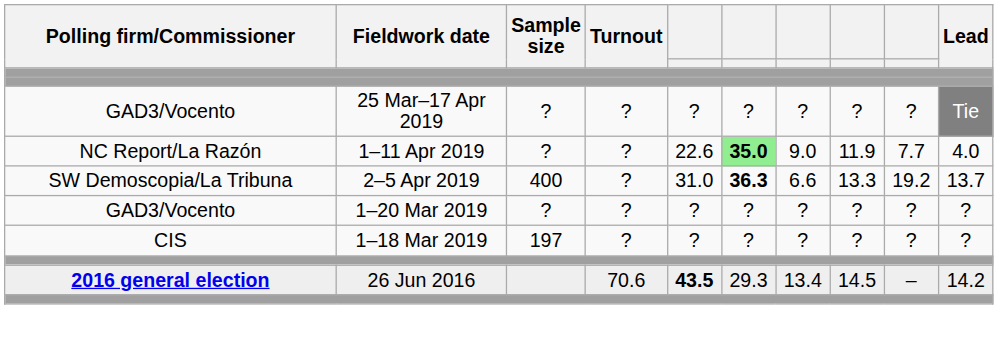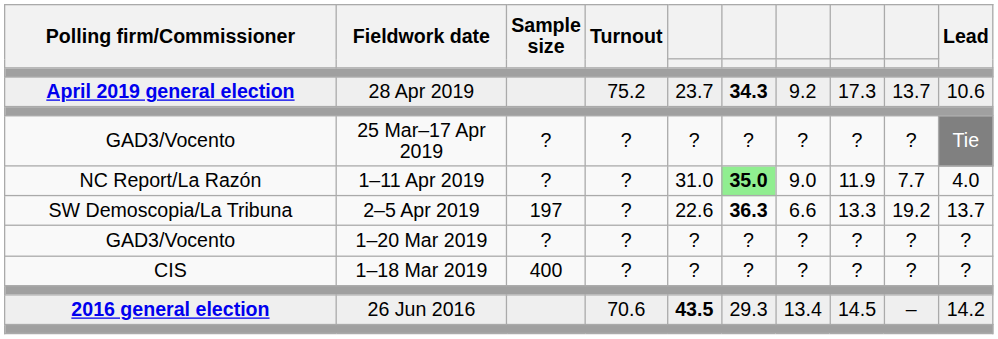 <table class="wikitable collapsible collapsed" style="text-align:center; font-size:95%; line-height:16px;">
 <tr style="height:42px;">
 <th style="width:250px;" rowspan="2">Polling firm/Commissioner</th>
 <th style="width:125px;" rowspan="2">Fieldwork date</th>
 <th style="width:50px;" rowspan="2">Sample size</th>
 <th style="width:45px;" rowspan="2">Turnout</th>
 <th style="width:35px;"></th>
 <th style="width:35px;"></th>
 <th style="width:35px;"></th>
 <th style="width:35px;"></th>
 <th style="width:35px;"></th>
 <th style="width:30px;" rowspan="2">Lead</th>
 </tr>
 <tr>
 <th style="color:inherit;background:"></th>
 <th style="color:inherit;background:"></th>
 <th style="color:inherit;background:"></th>
 <th style="color:inherit;background:"></th>
 <th style="color:inherit;background:"></th>
 </tr>
 <tr>
 <td colspan="10" style="background:#A0A0A0"></td>
 </tr>
+<tr style="background:#EFEFEF;">
+<td><strong><a href='#'>April 2019 general election</a></strong></td>
+<td>28 Apr 2019</td>
+<td></td>
+<td>75.2</td>
+<td>23.7<br></td>
+<td><strong>34.3</strong><br></td>
+<td>9.2<br></td>
+<td>17.3<br></td>
+<td>13.7<br></td>
+<td style="background:">10.6</td>
+</tr>
 <tr>
 <td colspan="10" style="background:#A0A0A0"></td>
 </tr>
 <tr>
 <td>GAD3/Vocento</td>
 <td>25 Mar–17 Apr 2019</td>
 <td>?</td>
 <td>?</td>
 <td>?<br></td>
 <td>?<br></td>
 <td>?<br></td>
 <td>?<br></td>
 <td>?<br></td>
 <td style="background:gray;color:white;">Tie</td>
 </tr>
 <tr>
 <td>NC Report/La Razón</td>
 <td>1–11 Apr 2019</td>
 <td>?</td>
 <td>?</td>
-<td>22.6<br></td>
+<td>31.0<br></td>
 <td style="background: lightgreen;"><strong>35.0</strong><br></td>
 <td>9.0<br></td>
 <td>11.9<br></td>
 <td>7.7<br></td>
 <td style="background:">4.0</td>
 </tr>
 <tr>
 <td>SW Demoscopia/La Tribuna</td>
 <td>2–5 Apr 2019</td>
-<td>400</td>
+<td>197</td>
 <td>?</td>
-<td>31.0<br></td>
+<td>22.6<br></td>
 <td><strong>36.3</strong><br></td>
 <td>6.6<br></td>
 <td>13.3<br></td>
 <td>19.2<br></td>
 <td style="background:">13.7</td>
 </tr>
 <tr>
 <td>GAD3/Vocento</td>
 <td>1–20 Mar 2019</td>
 <td>?</td>
 <td>?</td>
 <td>?<br></td>
 <td>?<br></td>
 <td>?<br></td>
 <td>?<br></td>
 <td>?<br></td>
 <td style="background:">?</td>
 </tr>
 <tr>
 <td>CIS</td>
 <td>1–18 Mar 2019</td>
-<td>197</td>
+<td>400</td>
 <td>?</td>
 <td>?<br></td>
 <td>?<br></td>
 <td>?<br></td>
 <td>?<br></td>
 <td>?<br></td>
 <td style="background:">?</td>
 </tr>
 <tr>
 <td colspan="10" style="background:#A0A0A0"></td>
 </tr>
 <tr style="background:#EFEFEF;">
 <td><strong><a href='#'>2016 general election</a></strong></td>
 <td>26 Jun 2016</td>
 <td></td>
 <td>70.6</td>
 <td><strong>43.5</strong><br></td>
 <td>29.3<br></td>
 <td>13.4<br></td>
 <td>14.5<br></td>
 <td>–</td>
 <td style="background:">14.2</td>
 </tr>
 <tr>
 <td colspan="10" style="background:#A0A0A0"></td>
 </tr>
 </table>
